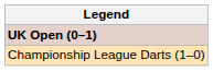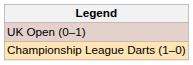 <table class="wikitable">
 <tr>
 <th>Legend</th>
 </tr>
 <tr style="background:#e5d1cb;">
-<td><strong>UK Open (0–1)</strong></td>
+<td>UK Open (0–1)</td>
 </tr>
 <tr style="background:moccasin;">
 <td>Championship League Darts (1–0)</td>
 </tr>
 </table>
